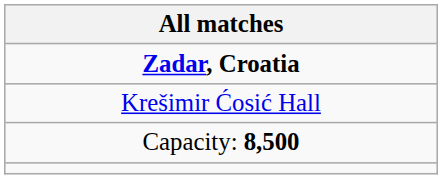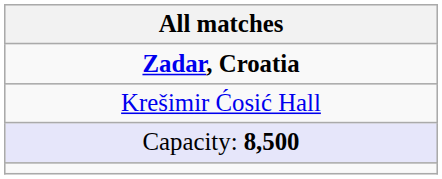 <table class="wikitable" style="text-align:center" width=280>
 <tr>
 <th>All matches</th>
 </tr>
 <tr>
 <td><strong><a href='#'>Zadar</a>, Croatia</strong></td>
 </tr>
 <tr>
 <td><a href='#'>Krešimir Ćosić Hall</a></td>
 </tr>
 <tr>
-<td>Capacity: <strong>8,500</strong></td>
+<td style="background: lavender;">Capacity: <strong>8,500</strong></td>
 </tr>
 <tr>
 <td></td>
 </tr>
 </table>
